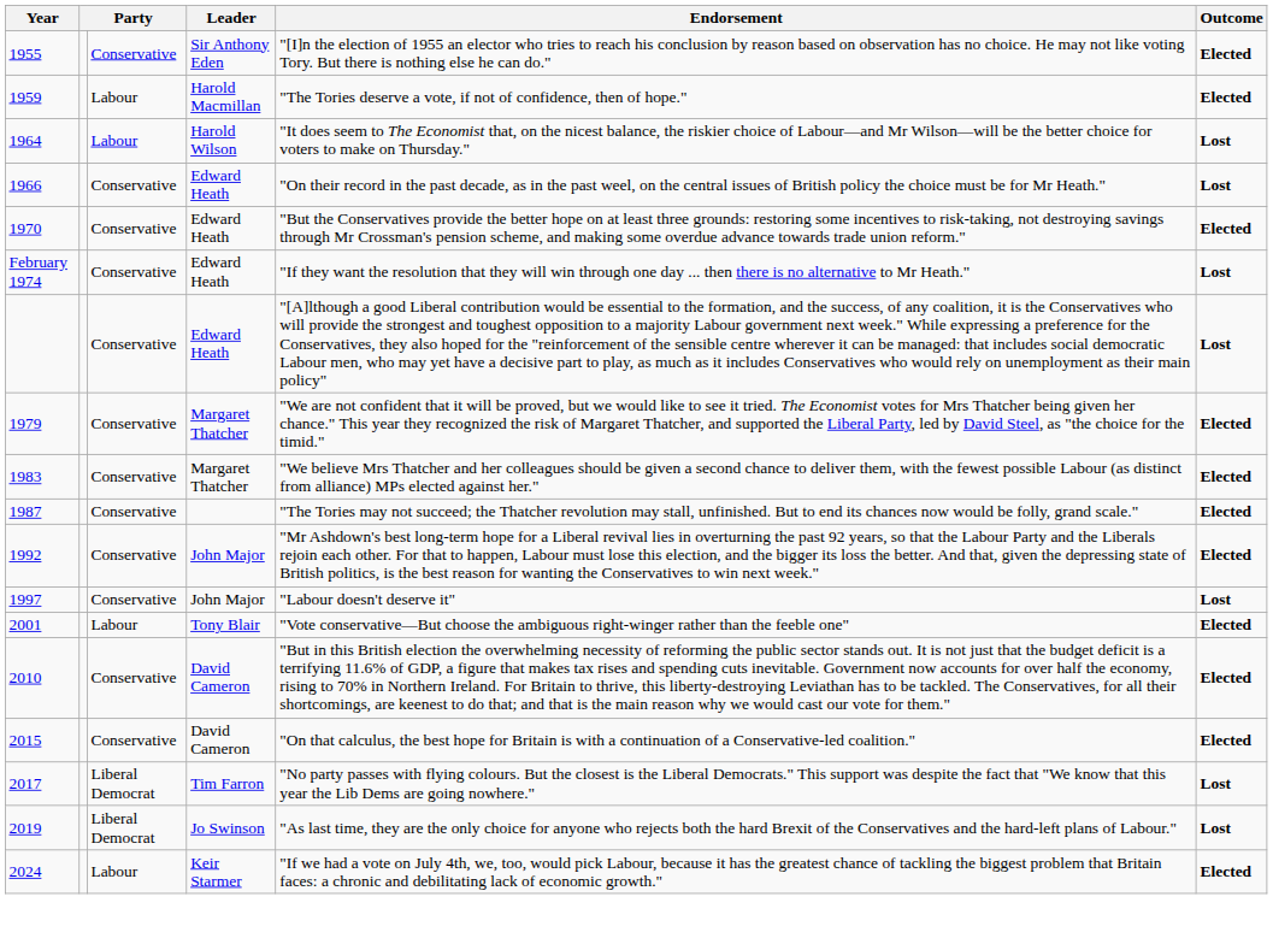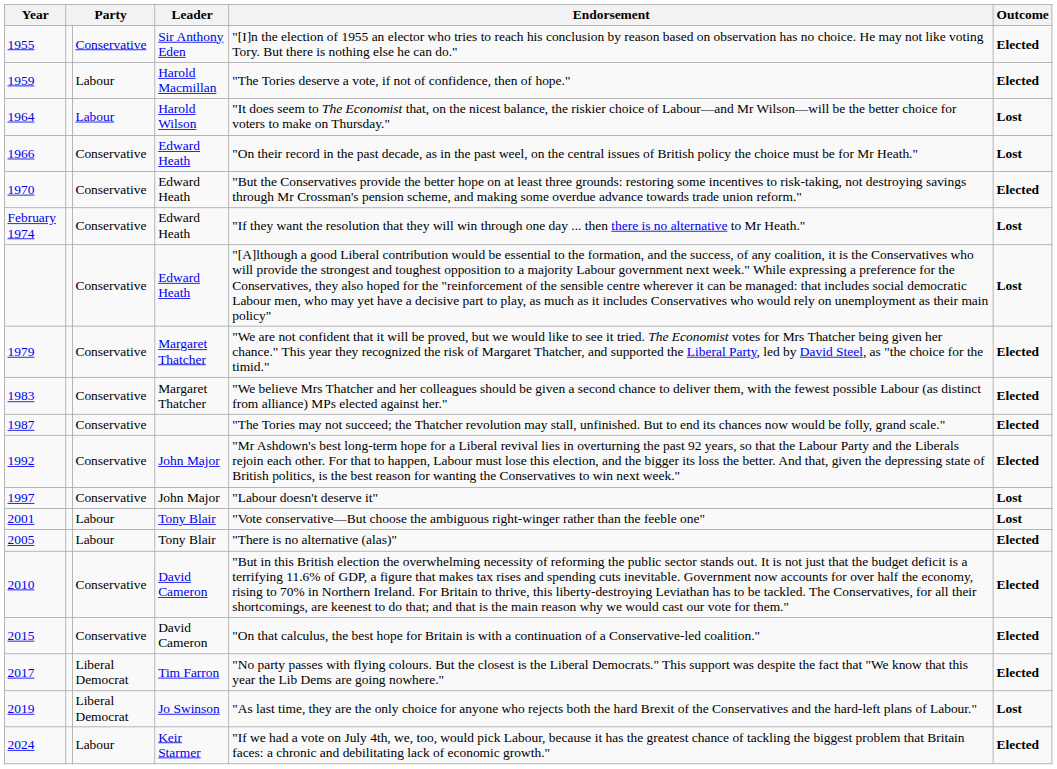 <table class=wikitable>
 <tr>
 <th>Year</th>
 <th colspan="2">Party</th>
 <th>Leader</th>
 <th>Endorsement</th>
 <th>Outcome</th>
 </tr>
 <tr>
 <td><a href='#'>1955</a></td>
 <td style="background-color: "></td>
 <td><a href='#'>Conservative</a></td>
 <td><a href='#'>Sir Anthony Eden</a></td>
 <td>"[I]n the election of 1955 an elector who tries to reach his conclusion by reason based on observation has no choice. He may not like voting Tory. But there is nothing else he can do."</td>
 <td><strong>Elected</strong> </td>
 </tr>
 <tr>
 <td><a href='#'>1959</a></td>
 <td style="background-color: "></td>
 <td>Labour</td>
 <td><a href='#'>Harold Macmillan</a></td>
 <td>"The Tories deserve a vote, if not of confidence, then of hope."</td>
 <td><strong>Elected</strong> </td>
 </tr>
 <tr>
 <td><a href='#'>1964</a></td>
 <td style="background-color: "></td>
 <td><a href='#'>Labour</a></td>
 <td><a href='#'>Harold Wilson</a></td>
 <td>"It does seem to <em>The Economist</em> that, on the nicest balance, the riskier choice of Labour—and Mr Wilson—will be the better choice for voters to make on Thursday."</td>
 <td><strong>Lost</strong> </td>
 </tr>
 <tr>
 <td><a href='#'>1966</a></td>
 <td style="background-color: "></td>
 <td>Conservative</td>
 <td><a href='#'>Edward Heath</a></td>
 <td>"On their record in the past decade, as in the past weel, on the central issues of British policy the choice must be for Mr Heath."</td>
 <td><strong>Lost</strong> </td>
 </tr>
 <tr>
 <td><a href='#'>1970</a></td>
 <td style="background-color: "></td>
 <td>Conservative</td>
 <td>Edward Heath</td>
 <td>"But the Conservatives provide the better hope on at least three grounds: restoring some incentives to risk-taking, not destroying savings through Mr Crossman's pension scheme, and making some overdue advance towards trade union reform."</td>
 <td><strong>Elected</strong> </td>
 </tr>
 <tr>
 <td><a href='#'>February 1974</a></td>
 <td style="background-color: "></td>
 <td>Conservative</td>
 <td>Edward Heath</td>
 <td>"If they want the resolution that they will win through one day ... then <a href='#'>there is no alternative</a> to Mr Heath."</td>
 <td><strong>Lost</strong> </td>
 </tr>
 <tr>
 <td></td>
 <td style="background-color: "></td>
 <td>Conservative</td>
 <td><a href='#'>Edward Heath</a></td>
 <td>"[A]lthough a good Liberal contribution would be essential to the formation, and the success, of any coalition, it is the Conservatives who will provide the strongest and toughest opposition to a majority Labour government next week." While expressing a preference for the Conservatives, they also hoped for the "reinforcement of the sensible centre wherever it can be managed: that includes social democratic Labour men, who may yet have a decisive part to play, as much as it includes Conservatives who would rely on unemployment as their main policy"</td>
 <td><strong>Lost</strong> </td>
 </tr>
 <tr>
 <td><a href='#'>1979</a></td>
 <td style="background-color: "></td>
 <td>Conservative</td>
 <td><a href='#'>Margaret Thatcher</a></td>
 <td>"We are not confident that it will be proved, but we would like to see it tried. <em>The Economist</em> votes for Mrs Thatcher being given her chance." This year they recognized the risk of Margaret Thatcher, and supported the <a href='#'>Liberal Party</a>, led by <a href='#'>David Steel</a>, as "the choice for the timid."</td>
 <td><strong>Elected</strong> </td>
 </tr>
 <tr>
 <td><a href='#'>1983</a></td>
 <td style="background-color: "></td>
 <td>Conservative</td>
 <td>Margaret Thatcher</td>
 <td>"We believe Mrs Thatcher and her colleagues should be given a second chance to deliver them, with the fewest possible Labour (as distinct from alliance) MPs elected against her."</td>
 <td><strong>Elected</strong> </td>
 </tr>
 <tr>
 <td><a href='#'>1987</a></td>
 <td style="background-color: "></td>
 <td>Conservative</td>
 <td></td>
 <td>"The Tories may not succeed; the Thatcher revolution may stall, unfinished. But to end its chances now would be folly, grand scale."</td>
 <td><strong>Elected</strong> </td>
 </tr>
 <tr>
 <td><a href='#'>1992</a></td>
 <td style="background-color: "></td>
 <td>Conservative</td>
 <td><a href='#'>John Major</a></td>
 <td>"Mr Ashdown's best long-term hope for a Liberal revival lies in overturning the past 92 years, so that the Labour Party and the Liberals rejoin each other. For that to happen, Labour must lose this election, and the bigger its loss the better. And that, given the depressing state of British politics, is the best reason for wanting the Conservatives to win next week."</td>
 <td><strong>Elected</strong> </td>
 </tr>
 <tr>
 <td><a href='#'>1997</a></td>
 <td style="background-color: "></td>
 <td>Conservative</td>
 <td>John Major</td>
 <td>"Labour doesn't deserve it"</td>
 <td><strong>Lost</strong> </td>
 </tr>
 <tr>
 <td><a href='#'>2001</a></td>
 <td style="background-color: "></td>
 <td>Labour</td>
 <td><a href='#'>Tony Blair</a></td>
 <td>"Vote conservative—But choose the ambiguous right-winger rather than the feeble one"</td>
+<td><strong>Lost</strong> </td>
+</tr>
+<tr>
+<td><a href='#'>2005</a></td>
+<td style="background-color: "></td>
+<td>Labour</td>
+<td>Tony Blair</td>
+<td>"There is no alternative (alas)"</td>
 <td><strong>Elected</strong> </td>
 </tr>
 <tr>
 <td><a href='#'>2010</a></td>
 <td style="background-color: "></td>
 <td>Conservative</td>
 <td><a href='#'>David Cameron</a></td>
 <td>"But in this British election the overwhelming necessity of reforming the public sector stands out. It is not just that the budget deficit is a terrifying 11.6% of GDP, a figure that makes tax rises and spending cuts inevitable. Government now accounts for over half the economy, rising to 70% in Northern Ireland. For Britain to thrive, this liberty-destroying Leviathan has to be tackled. The Conservatives, for all their shortcomings, are keenest to do that; and that is the main reason why we would cast our vote for them."</td>
 <td><strong>Elected</strong> </td>
 </tr>
 <tr>
 <td><a href='#'>2015</a></td>
 <td style="background-color: "></td>
 <td>Conservative</td>
 <td>David Cameron</td>
 <td>"On that calculus, the best hope for Britain is with a continuation of a Conservative-led coalition."</td>
 <td><strong>Elected</strong> </td>
 </tr>
 <tr>
 <td><a href='#'>2017</a></td>
 <td style="background-color: "></td>
 <td>Liberal Democrat</td>
 <td><a href='#'>Tim Farron</a></td>
 <td>"No party passes with flying colours. But the closest is the Liberal Democrats." This support was despite the fact that "We know that this year the Lib Dems are going nowhere."</td>
-<td><strong>Lost</strong> </td>
+<td><strong>Elected</strong> </td>
 </tr>
 <tr>
 <td><a href='#'>2019</a></td>
 <td style="background-color: "></td>
 <td>Liberal Democrat</td>
 <td><a href='#'>Jo Swinson</a></td>
 <td>"As last time, they are the only choice for anyone who rejects both the hard Brexit of the Conservatives and the hard-left plans of Labour."</td>
 <td><strong>Lost</strong> </td>
 </tr>
 <tr>
 <td><a href='#'>2024</a></td>
 <td style="background-color: "></td>
 <td>Labour</td>
 <td><a href='#'>Keir Starmer</a></td>
 <td>"If we had a vote on July 4th, we, too, would pick Labour, because it has the greatest chance of tackling the biggest problem that Britain faces: a chronic and debilitating lack of economic growth."</td>
 <td><strong>Elected</strong> </td>
 </tr>
 </table>
